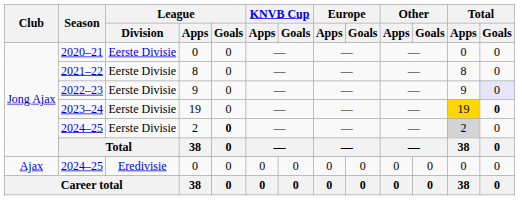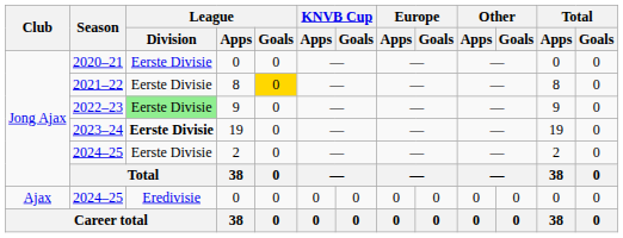 <table class="wikitable" style="text-align: center">
 <tr>
 <th rowspan=2>Club</th>
 <th rowspan=2>Season</th>
 <th colspan=3>League</th>
 <th colspan=2><a href='#'>KNVB Cup</a></th>
 <th colspan=2>Europe</th>
 <th colspan=2>Other</th>
 <th colspan=2>Total</th>
 </tr>
 <tr>
 <th>Division</th>
 <th>Apps</th>
 <th>Goals</th>
 <th>Apps</th>
 <th>Goals</th>
 <th>Apps</th>
 <th>Goals</th>
 <th>Apps</th>
 <th>Goals</th>
 <th>Apps</th>
 <th>Goals</th>
 </tr>
 <tr>
 <td rowspan="6"><a href='#'>Jong Ajax</a></td>
 <td><a href='#'>2020–21</a></td>
 <td><a href='#'>Eerste Divisie</a></td>
 <td>0</td>
 <td>0</td>
 <td colspan="2">—</td>
 <td colspan="2">—</td>
 <td colspan="2">—</td>
 <td>0</td>
 <td>0</td>
 </tr>
 <tr>
 <td><a href='#'>2021–22</a></td>
 <td>Eerste Divisie</td>
 <td>8</td>
-<td>0</td>
+<td style="background: gold;">0</td>
 <td colspan="2">—</td>
 <td colspan="2">—</td>
 <td colspan="2">—</td>
 <td>8</td>
 <td>0</td>
 </tr>
 <tr>
 <td><a href='#'>2022–23</a></td>
-<td>Eerste Divisie</td>
+<td style="background: lightgreen;">Eerste Divisie</td>
 <td>9</td>
 <td>0</td>
 <td colspan="2">—</td>
 <td colspan="2">—</td>
 <td colspan="2">—</td>
 <td>9</td>
-<td style="background: lavender;">0</td>
+<td>0</td>
 </tr>
 <tr>
 <td><a href='#'>2023–24</a></td>
-<td>Eerste Divisie</td>
+<td><strong>Eerste Divisie</strong></td>
 <td>19</td>
 <td>0</td>
 <td colspan="2">—</td>
 <td colspan="2">—</td>
 <td colspan="2">—</td>
-<td style="background: gold;">19</td>
-<td><strong>0</strong></td>
+<td>19</td>
+<td>0</td>
 </tr>
 <tr>
 <td><a href='#'>2024–25</a></td>
 <td>Eerste Divisie</td>
 <td>2</td>
-<td><strong>0</strong></td>
+<td>0</td>
 <td colspan="2">—</td>
 <td colspan="2">—</td>
 <td colspan="2">—</td>
-<td style="background: lightgrey;">2</td>
+<td>2</td>
 <td>0</td>
 </tr>
 <tr>
 <th colspan="2">Total</th>
 <th>38</th>
 <th>0</th>
 <th colspan="2">—</th>
 <th colspan="2">—</th>
 <th colspan="2">—</th>
 <th>38</th>
 <th>0</th>
 </tr>
 <tr>
 <td><a href='#'>Ajax</a></td>
 <td><a href='#'>2024–25</a></td>
 <td><a href='#'>Eredivisie</a></td>
 <td>0</td>
 <td>0</td>
 <td>0</td>
 <td>0</td>
 <td>0</td>
 <td>0</td>
 <td>0</td>
 <td>0</td>
 <td>0</td>
 <td>0</td>
 </tr>
 <tr>
 <th colspan="3">Career total</th>
 <th>38</th>
 <th>0</th>
 <th>0</th>
 <th>0</th>
 <th>0</th>
 <th>0</th>
 <th>0</th>
 <th>0</th>
 <th>38</th>
 <th>0</th>
 </tr>
 </table>
